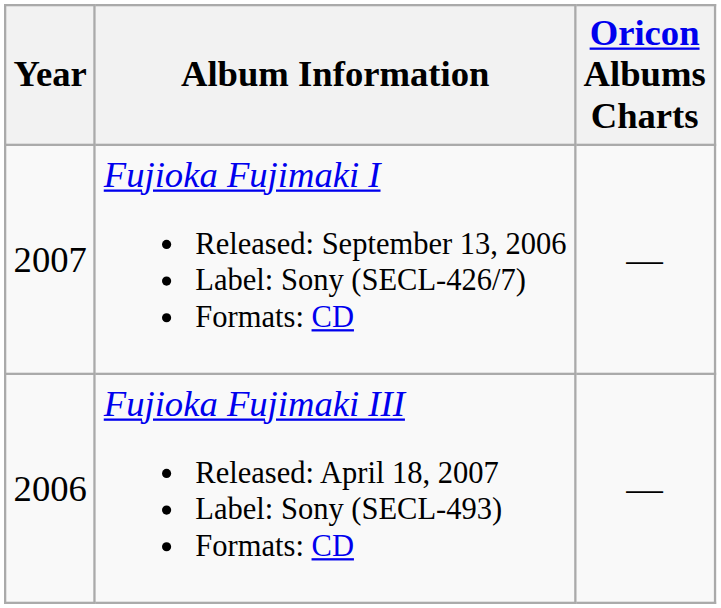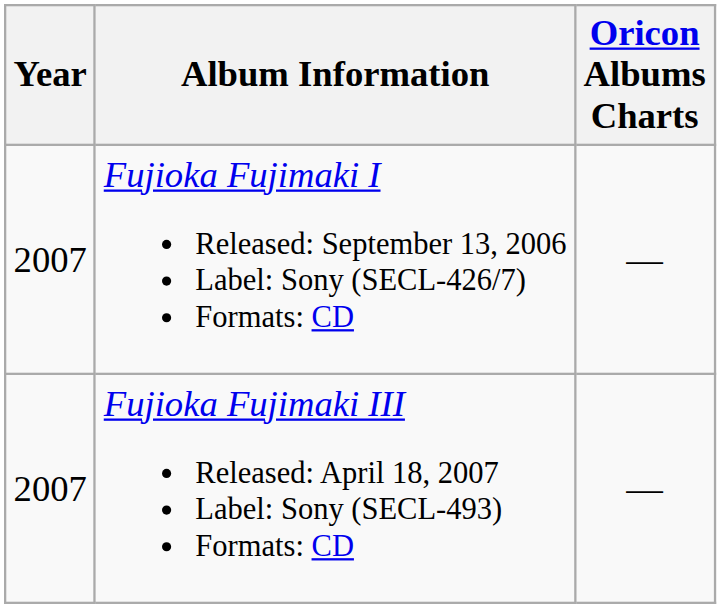 <table class="wikitable">
 <tr>
 <th rowspan="1">Year</th>
 <th rowspan="1">Album Information</th>
 <th colspan="1"><a href='#'>Oricon</a><br>Albums<br>Charts<br></th>
 </tr>
 <tr>
 <td align="center">2007</td>
 <td><em><a href='#'>Fujioka Fujimaki I</a></em><br><small><div><ul><li>Released: September 13, 2006</li><li>Label: Sony (SECL-426/7)</li><li>Formats: <a href='#'>CD</a></li></ul></div></small></td>
 <td align="center">—</td>
 </tr>
 <tr>
-<td align="center">2006</td>
+<td align="center">2007</td>
 <td><em><a href='#'>Fujioka Fujimaki III</a></em><br><small><div><ul><li>Released: April 18, 2007</li><li>Label: Sony (SECL-493)</li><li>Formats: <a href='#'>CD</a></li></ul></div></small></td>
 <td align="center">—</td>
 </tr>
 </table>
